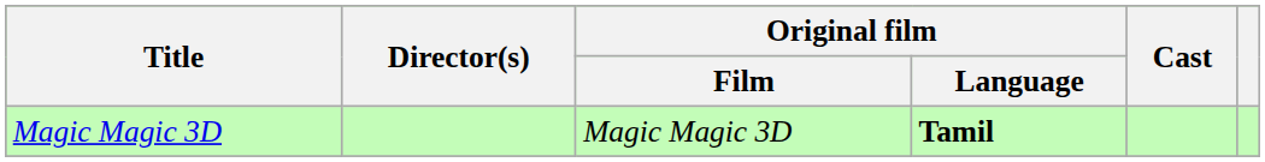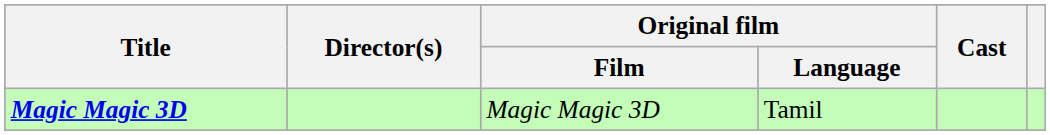 <table class="wikitable sortable"  style="width:100%; background:#c3fdb8; font-size:95%;">
 <tr>
 <th scope="col" rowspan="2">Title</th>
 <th scope="col" rowspan="2">Director(s)</th>
 <th scope="col" colspan="2">Original film</th>
 <th scope="col" rowspan="2">Cast</th>
 <th scope="col" rowspan="2" class="unsortable"></th>
 </tr>
 <tr>
 <th scope="col">Film</th>
 <th scope="col">Language</th>
 </tr>
 <tr>
-<td><em><a href='#'>Magic Magic 3D</a></em></td>
+<td><strong><em><a href='#'>Magic Magic 3D</a></em></strong></td>
 <td></td>
 <td><em>Magic Magic 3D</em></td>
-<td><strong>Tamil</strong></td>
+<td>Tamil</td>
 <td></td>
 <td></td>
 </tr>
 </table>
